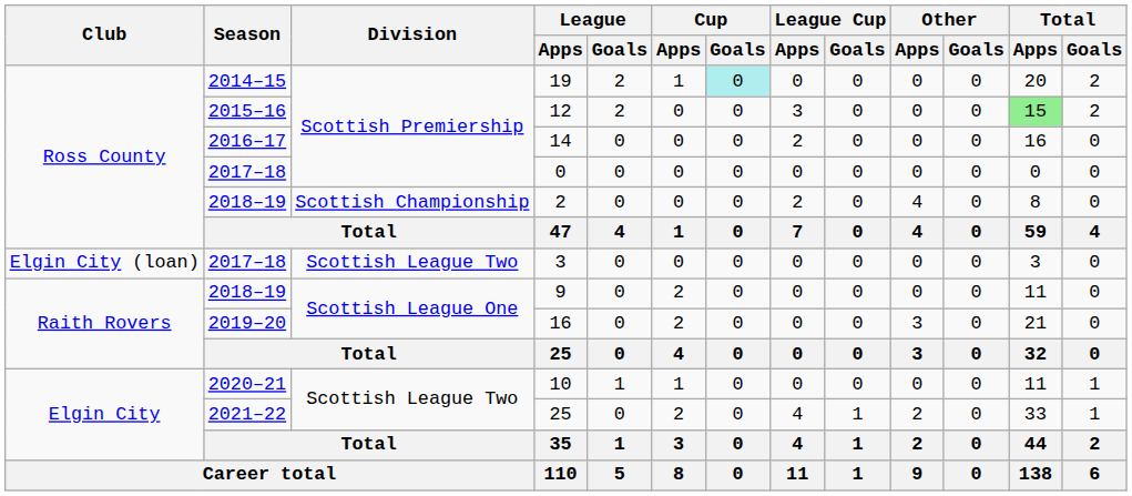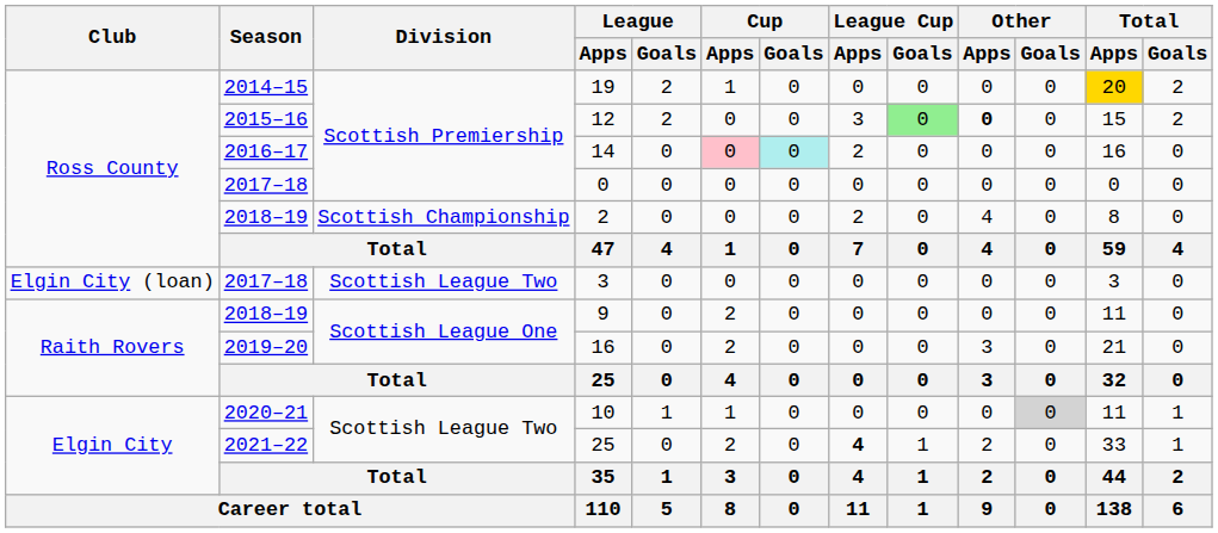 <table class="wikitable" style="text-align: center;">
 <tr>
 <th rowspan="2">Club</th>
 <th rowspan="2">Season</th>
 <th rowspan="2">Division</th>
 <th colspan="2">League</th>
 <th colspan="2">Cup</th>
 <th colspan="2">League Cup</th>
 <th colspan="2">Other</th>
 <th colspan="2">Total</th>
 </tr>
 <tr>
 <th>Apps</th>
 <th>Goals</th>
 <th>Apps</th>
 <th>Goals</th>
 <th>Apps</th>
 <th>Goals</th>
 <th>Apps</th>
 <th>Goals</th>
 <th>Apps</th>
 <th>Goals</th>
 </tr>
 <tr>
 <td rowspan="6"><a href='#'>Ross County</a></td>
 <td><a href='#'>2014–15</a></td>
 <td rowspan="4"><a href='#'>Scottish Premiership</a></td>
 <td>19</td>
 <td>2</td>
 <td>1</td>
-<td style="background: paleturquoise;">0</td>
 <td>0</td>
 <td>0</td>
 <td>0</td>
 <td>0</td>
-<td>20</td>
+<td>0</td>
+<td style="background: gold;">20</td>
 <td>2</td>
 </tr>
 <tr>
 <td><a href='#'>2015–16</a></td>
 <td>12</td>
 <td>2</td>
 <td>0</td>
 <td>0</td>
 <td>3</td>
+<td style="background: lightgreen;">0</td>
+<td><strong>0</strong></td>
 <td>0</td>
-<td>0</td>
-<td>0</td>
-<td style="background: lightgreen;">15</td>
+<td>15</td>
 <td>2</td>
 </tr>
 <tr>
 <td><a href='#'>2016–17</a></td>
 <td>14</td>
 <td>0</td>
-<td>0</td>
-<td>0</td>
+<td style="background: pink;">0</td>
+<td style="background: paleturquoise;">0</td>
 <td>2</td>
 <td>0</td>
 <td>0</td>
 <td>0</td>
 <td>16</td>
 <td>0</td>
 </tr>
 <tr>
 <td><a href='#'>2017–18</a></td>
 <td>0</td>
 <td>0</td>
 <td>0</td>
 <td>0</td>
 <td>0</td>
 <td>0</td>
 <td>0</td>
 <td>0</td>
 <td>0</td>
 <td>0</td>
 </tr>
 <tr>
 <td><a href='#'>2018–19</a></td>
 <td><a href='#'>Scottish Championship</a></td>
 <td>2</td>
 <td>0</td>
 <td>0</td>
 <td>0</td>
 <td>2</td>
 <td>0</td>
 <td>4</td>
 <td>0</td>
 <td>8</td>
 <td>0</td>
 </tr>
 <tr>
 <th Colspan="2">Total</th>
 <th>47</th>
 <th>4</th>
 <th>1</th>
 <th>0</th>
 <th>7</th>
 <th>0</th>
 <th>4</th>
 <th>0</th>
 <th>59</th>
 <th>4</th>
 </tr>
 <tr>
 <td><a href='#'>Elgin City</a> (loan)</td>
 <td><a href='#'>2017–18</a></td>
 <td><a href='#'>Scottish League Two</a></td>
 <td>3</td>
 <td>0</td>
 <td>0</td>
 <td>0</td>
 <td>0</td>
 <td>0</td>
 <td>0</td>
 <td>0</td>
 <td>3</td>
 <td>0</td>
 </tr>
 <tr>
 <td rowspan=3><a href='#'>Raith Rovers</a></td>
 <td><a href='#'>2018–19</a></td>
 <td rowspan=2><a href='#'>Scottish League One</a></td>
 <td>9</td>
 <td>0</td>
 <td>2</td>
 <td>0</td>
 <td>0</td>
 <td>0</td>
 <td>0</td>
 <td>0</td>
 <td>11</td>
 <td>0</td>
 </tr>
 <tr>
 <td><a href='#'>2019–20</a></td>
 <td>16</td>
 <td>0</td>
 <td>2</td>
 <td>0</td>
 <td>0</td>
 <td>0</td>
 <td>3</td>
 <td>0</td>
 <td>21</td>
 <td>0</td>
 </tr>
 <tr>
 <th colspan=2>Total</th>
 <th>25</th>
 <th>0</th>
 <th>4</th>
 <th>0</th>
 <th>0</th>
 <th>0</th>
 <th>3</th>
 <th>0</th>
 <th>32</th>
 <th>0</th>
 </tr>
 <tr>
 <td rowspan=3><a href='#'>Elgin City</a></td>
 <td><a href='#'>2020–21</a></td>
 <td rowspan=2>Scottish League Two</td>
 <td>10</td>
 <td>1</td>
 <td>1</td>
 <td>0</td>
 <td>0</td>
 <td>0</td>
 <td>0</td>
-<td>0</td>
+<td style="background: lightgrey;">0</td>
 <td>11</td>
 <td>1</td>
 </tr>
 <tr>
 <td><a href='#'>2021–22</a></td>
 <td>25</td>
 <td>0</td>
 <td>2</td>
 <td>0</td>
-<td>4</td>
+<td><strong>4</strong></td>
 <td>1</td>
 <td>2</td>
 <td>0</td>
 <td>33</td>
 <td>1</td>
 </tr>
 <tr>
 <th colspan=2>Total</th>
 <th>35</th>
 <th>1</th>
 <th>3</th>
 <th>0</th>
 <th>4</th>
 <th>1</th>
 <th>2</th>
 <th>0</th>
 <th>44</th>
 <th>2</th>
 </tr>
 <tr>
 <th colspan="3">Career total</th>
 <th>110</th>
 <th>5</th>
 <th>8</th>
 <th>0</th>
 <th>11</th>
 <th>1</th>
 <th>9</th>
 <th>0</th>
 <th>138</th>
 <th>6</th>
 </tr>
 </table>
